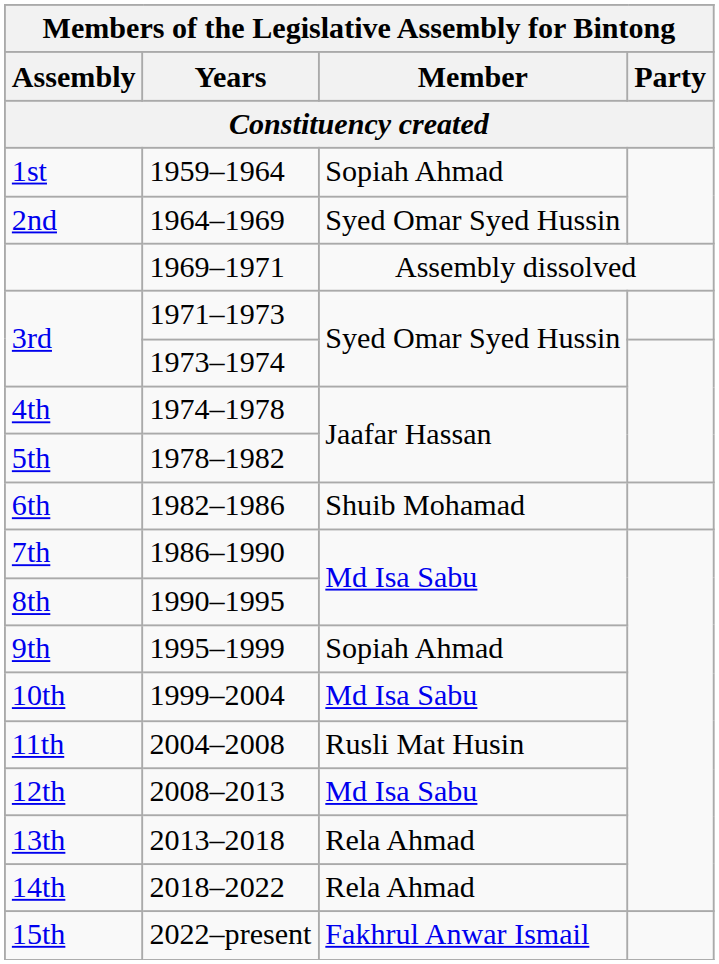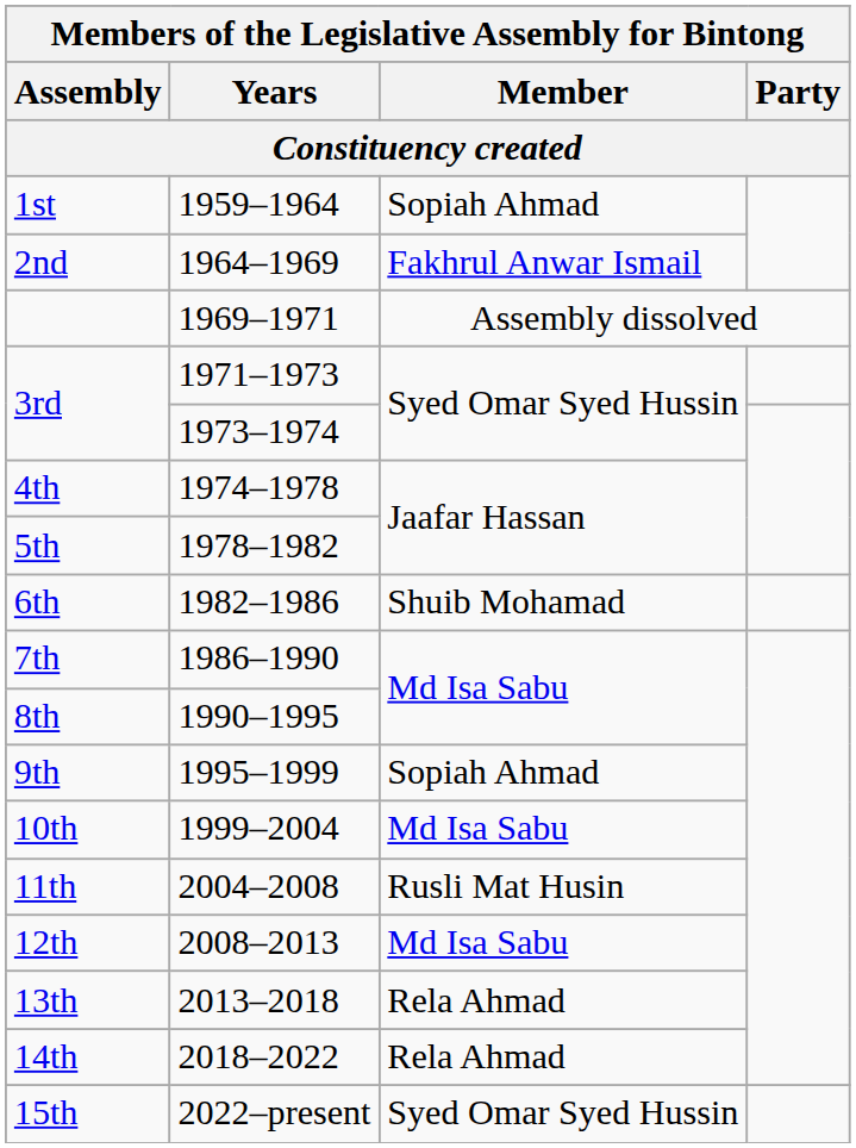 <table class=wikitable>
 <tr>
 <th colspan=4>Members of the Legislative Assembly for Bintong</th>
 </tr>
 <tr>
 <th>Assembly</th>
 <th>Years</th>
 <th>Member</th>
 <th>Party</th>
 </tr>
 <tr>
 <th colspan=4 align=center><em>Constituency created</em></th>
 </tr>
 <tr>
 <td><a href='#'>1st</a></td>
 <td>1959–1964</td>
 <td>Sopiah Ahmad</td>
 <td rowspan=2></td>
 </tr>
 <tr>
 <td><a href='#'>2nd</a></td>
 <td>1964–1969</td>
-<td>Syed Omar Syed Hussin</td>
+<td><a href='#'>Fakhrul Anwar Ismail</a></td>
 </tr>
 <tr>
 <td></td>
 <td>1969–1971</td>
 <td colspan=2 align=center>Assembly dissolved</td>
 </tr>
 <tr>
 <td rowspan=2><a href='#'>3rd</a></td>
 <td>1971–1973</td>
 <td rowspan=2>Syed Omar Syed Hussin</td>
 <td></td>
 </tr>
 <tr>
 <td>1973–1974</td>
 <td rowspan=3></td>
 </tr>
 <tr>
 <td><a href='#'>4th</a></td>
 <td>1974–1978</td>
 <td rowspan=2>Jaafar Hassan</td>
 </tr>
 <tr>
 <td><a href='#'>5th</a></td>
 <td>1978–1982</td>
 </tr>
 <tr>
 <td><a href='#'>6th</a></td>
 <td>1982–1986</td>
 <td>Shuib Mohamad</td>
 <td></td>
 </tr>
 <tr>
 <td><a href='#'>7th</a></td>
 <td>1986–1990</td>
 <td rowspan=2><a href='#'>Md Isa Sabu</a></td>
 <td rowspan=8></td>
 </tr>
 <tr>
 <td><a href='#'>8th</a></td>
 <td>1990–1995</td>
 </tr>
 <tr>
 <td><a href='#'>9th</a></td>
 <td>1995–1999</td>
 <td>Sopiah Ahmad</td>
 </tr>
 <tr>
 <td><a href='#'>10th</a></td>
 <td>1999–2004</td>
 <td><a href='#'>Md Isa Sabu</a></td>
 </tr>
 <tr>
 <td><a href='#'>11th</a></td>
 <td>2004–2008</td>
 <td>Rusli Mat Husin</td>
 </tr>
 <tr>
 <td><a href='#'>12th</a></td>
 <td>2008–2013</td>
 <td><a href='#'>Md Isa Sabu</a></td>
 </tr>
 <tr>
 <td><a href='#'>13th</a></td>
 <td>2013–2018</td>
 <td>Rela Ahmad</td>
 </tr>
 <tr>
 <td><a href='#'>14th</a></td>
 <td>2018–2022</td>
 <td>Rela Ahmad</td>
 </tr>
 <tr>
 <td><a href='#'>15th</a></td>
 <td>2022–present</td>
-<td><a href='#'>Fakhrul Anwar Ismail</a></td>
+<td>Syed Omar Syed Hussin</td>
 <td></td>
 </tr>
 </table>
